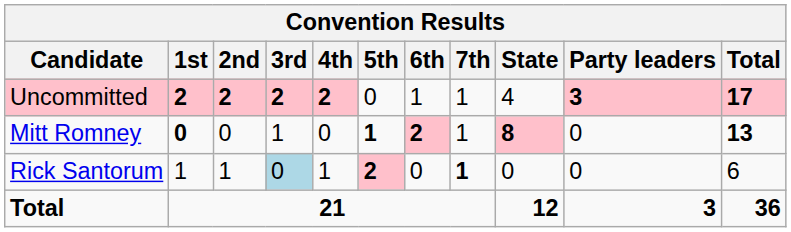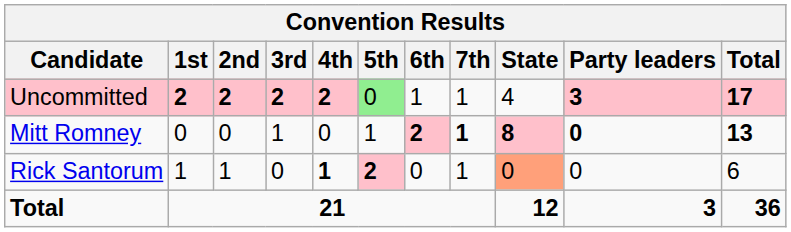 <table class="wikitable">
 <tr>
 <th colspan="11">Convention Results</th>
 </tr>
 <tr>
 <th>Candidate</th>
 <th>1st</th>
 <th>2nd</th>
 <th>3rd</th>
 <th>4th</th>
 <th>5th</th>
 <th>6th</th>
 <th>7th</th>
 <th>State</th>
 <th>Party leaders</th>
 <th>Total</th>
 </tr>
 <tr>
 <td bgcolor="pink" align="left">Uncommitted</td>
 <td bgcolor="pink"><strong>2</strong></td>
 <td bgcolor="pink"><strong>2</strong></td>
 <td bgcolor="pink"><strong>2</strong></td>
 <td bgcolor="pink"><strong>2</strong></td>
-<td>0</td>
+<td style="background: lightgreen;">0</td>
 <td>1</td>
 <td>1</td>
 <td>4</td>
 <td bgcolor="pink"><strong>3</strong></td>
 <td bgcolor="pink"><strong>17</strong></td>
 </tr>
 <tr>
 <td align="left"><a href='#'>Mitt Romney</a></td>
-<td><strong>0</strong></td>
+<td>0</td>
 <td>0</td>
 <td>1</td>
 <td>0</td>
+<td>1</td>
+<td bgcolor="pink"><strong>2</strong></td>
 <td><strong>1</strong></td>
-<td bgcolor="pink"><strong>2</strong></td>
-<td>1</td>
 <td bgcolor="pink"><strong>8</strong></td>
-<td>0</td>
+<td><strong>0</strong></td>
 <td><strong>13</strong></td>
 </tr>
 <tr>
 <td align="left"><a href='#'>Rick Santorum</a></td>
 <td>1</td>
 <td>1</td>
-<td style="background: lightblue;">0</td>
-<td>1</td>
+<td>0</td>
+<td><strong>1</strong></td>
 <td bgcolor="pink"><strong>2</strong></td>
 <td>0</td>
-<td><strong>1</strong></td>
-<td>0</td>
+<td>1</td>
+<td style="background: lightsalmon;">0</td>
 <td>0</td>
 <td>6</td>
 </tr>
 <tr>
 <td><strong>Total</strong></td>
 <td colspan="7" align="center"><strong>21</strong></td>
 <td align="right"><strong>12</strong></td>
 <td align="right"><strong>3</strong></td>
 <td align="right"><strong>36</strong></td>
 </tr>
 </table>
